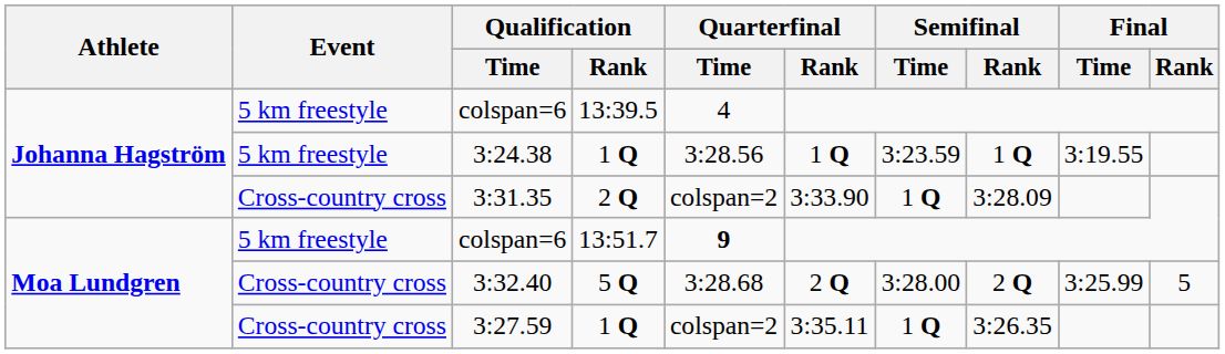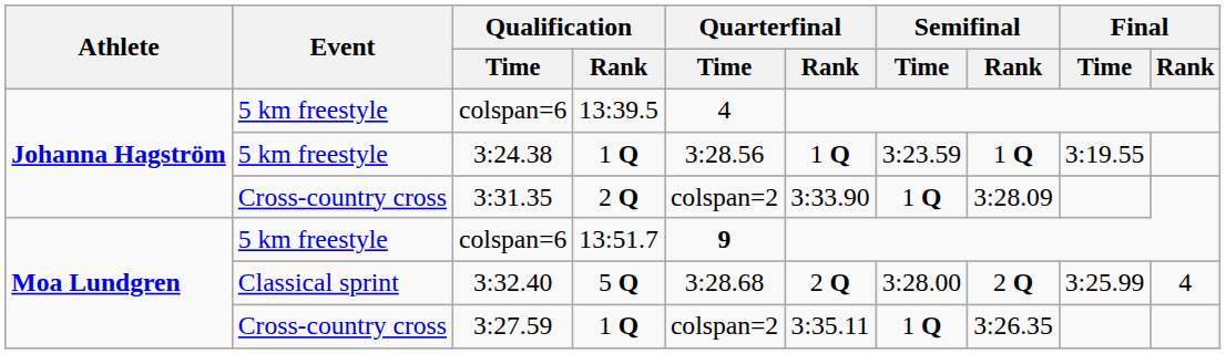 <table class="wikitable" style="font-size:90%">
 <tr>
 <th rowspan="2">Athlete</th>
 <th rowspan="2">Event</th>
 <th colspan="2">Qualification</th>
 <th colspan="2">Quarterfinal</th>
 <th colspan="2">Semifinal</th>
 <th colspan="2">Final</th>
 </tr>
 <tr style="font-size:95%">
 <th>Time</th>
 <th>Rank</th>
 <th>Time</th>
 <th>Rank</th>
 <th>Time</th>
 <th>Rank</th>
 <th>Time</th>
 <th>Rank</th>
 </tr>
 <tr align=center>
 <td align=left rowspan=3><strong><a href='#'>Johanna Hagström</a></strong></td>
 <td align=left><a href='#'>5 km freestyle</a></td>
 <td>colspan=6 </td>
 <td>13:39.5</td>
 <td>4</td>
 </tr>
 <tr align=center>
 <td align=left><a href='#'>5 km freestyle</a></td>
 <td>3:24.38</td>
 <td>1 <strong>Q</strong></td>
 <td>3:28.56</td>
 <td>1 <strong>Q</strong></td>
 <td>3:23.59</td>
 <td>1 <strong>Q</strong></td>
 <td>3:19.55</td>
 <td></td>
 </tr>
 <tr align=center>
 <td align=left><a href='#'>Cross-country cross</a></td>
 <td>3:31.35</td>
 <td>2 <strong>Q</strong></td>
 <td>colspan=2 </td>
 <td>3:33.90</td>
 <td>1 <strong>Q</strong></td>
 <td>3:28.09</td>
 <td></td>
 </tr>
 <tr align=center>
 <td align=left rowspan=3><strong><a href='#'>Moa Lundgren</a></strong></td>
 <td align=left><a href='#'>5 km freestyle</a></td>
 <td>colspan=6 </td>
 <td>13:51.7</td>
 <td><strong>9</strong></td>
 </tr>
 <tr align=center>
-<td align=left><a href='#'>Cross-country cross</a></td>
+<td align=left><a href='#'>Classical sprint</a></td>
 <td>3:32.40</td>
 <td>5 <strong>Q</strong></td>
 <td>3:28.68</td>
 <td>2 <strong>Q</strong></td>
 <td>3:28.00</td>
 <td>2 <strong>Q</strong></td>
 <td>3:25.99</td>
-<td>5</td>
+<td>4</td>
 </tr>
 <tr align=center>
 <td align=left><a href='#'>Cross-country cross</a></td>
 <td>3:27.59</td>
 <td>1 <strong>Q</strong></td>
 <td>colspan=2 </td>
 <td>3:35.11</td>
 <td>1 <strong>Q</strong></td>
 <td>3:26.35</td>
 <td></td>
 </tr>
 </table>
